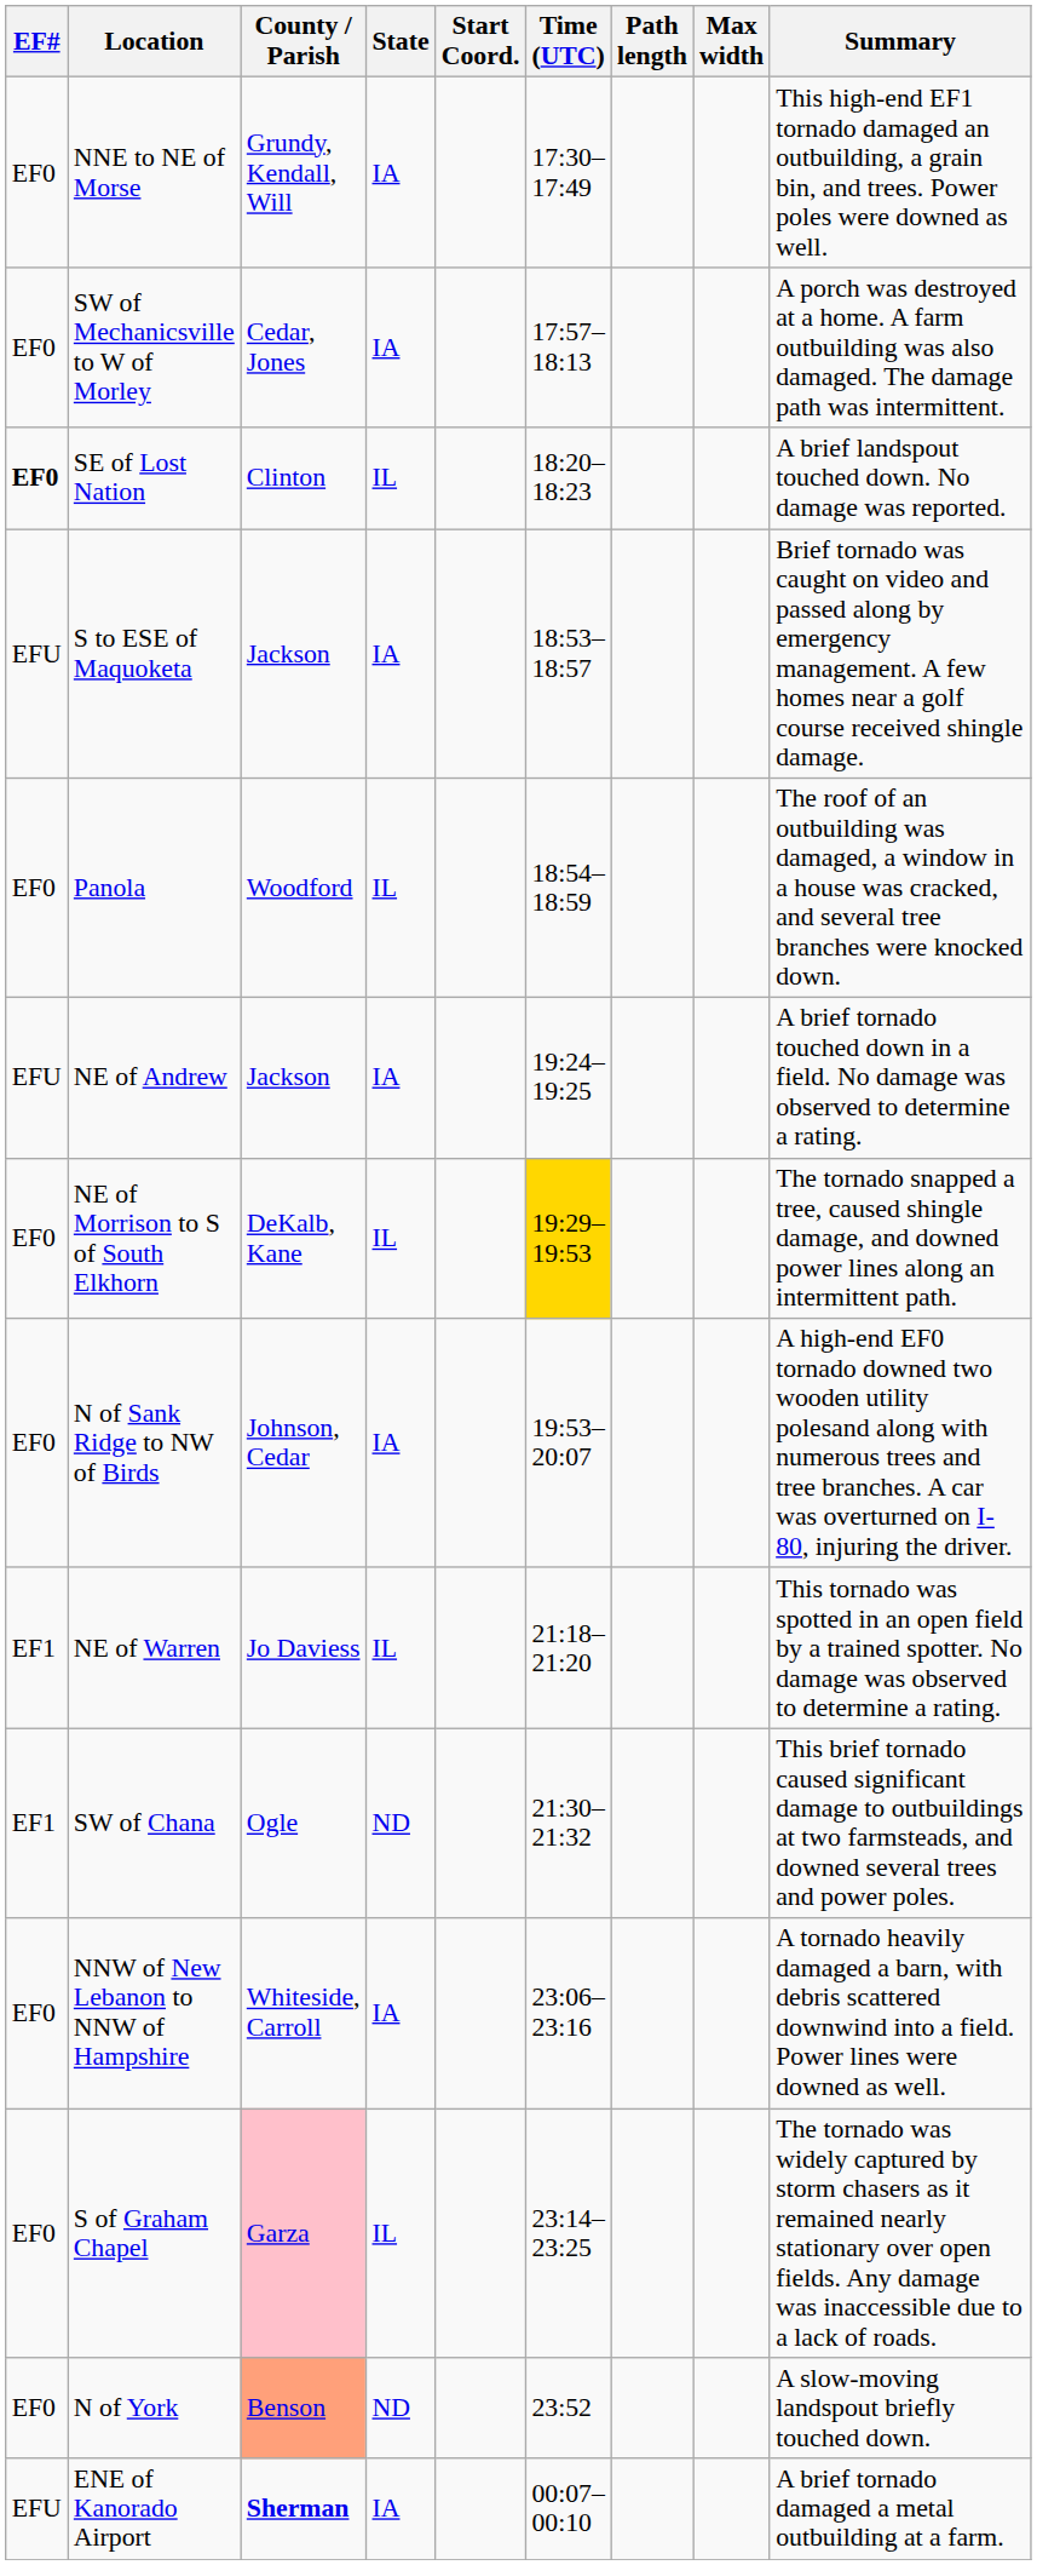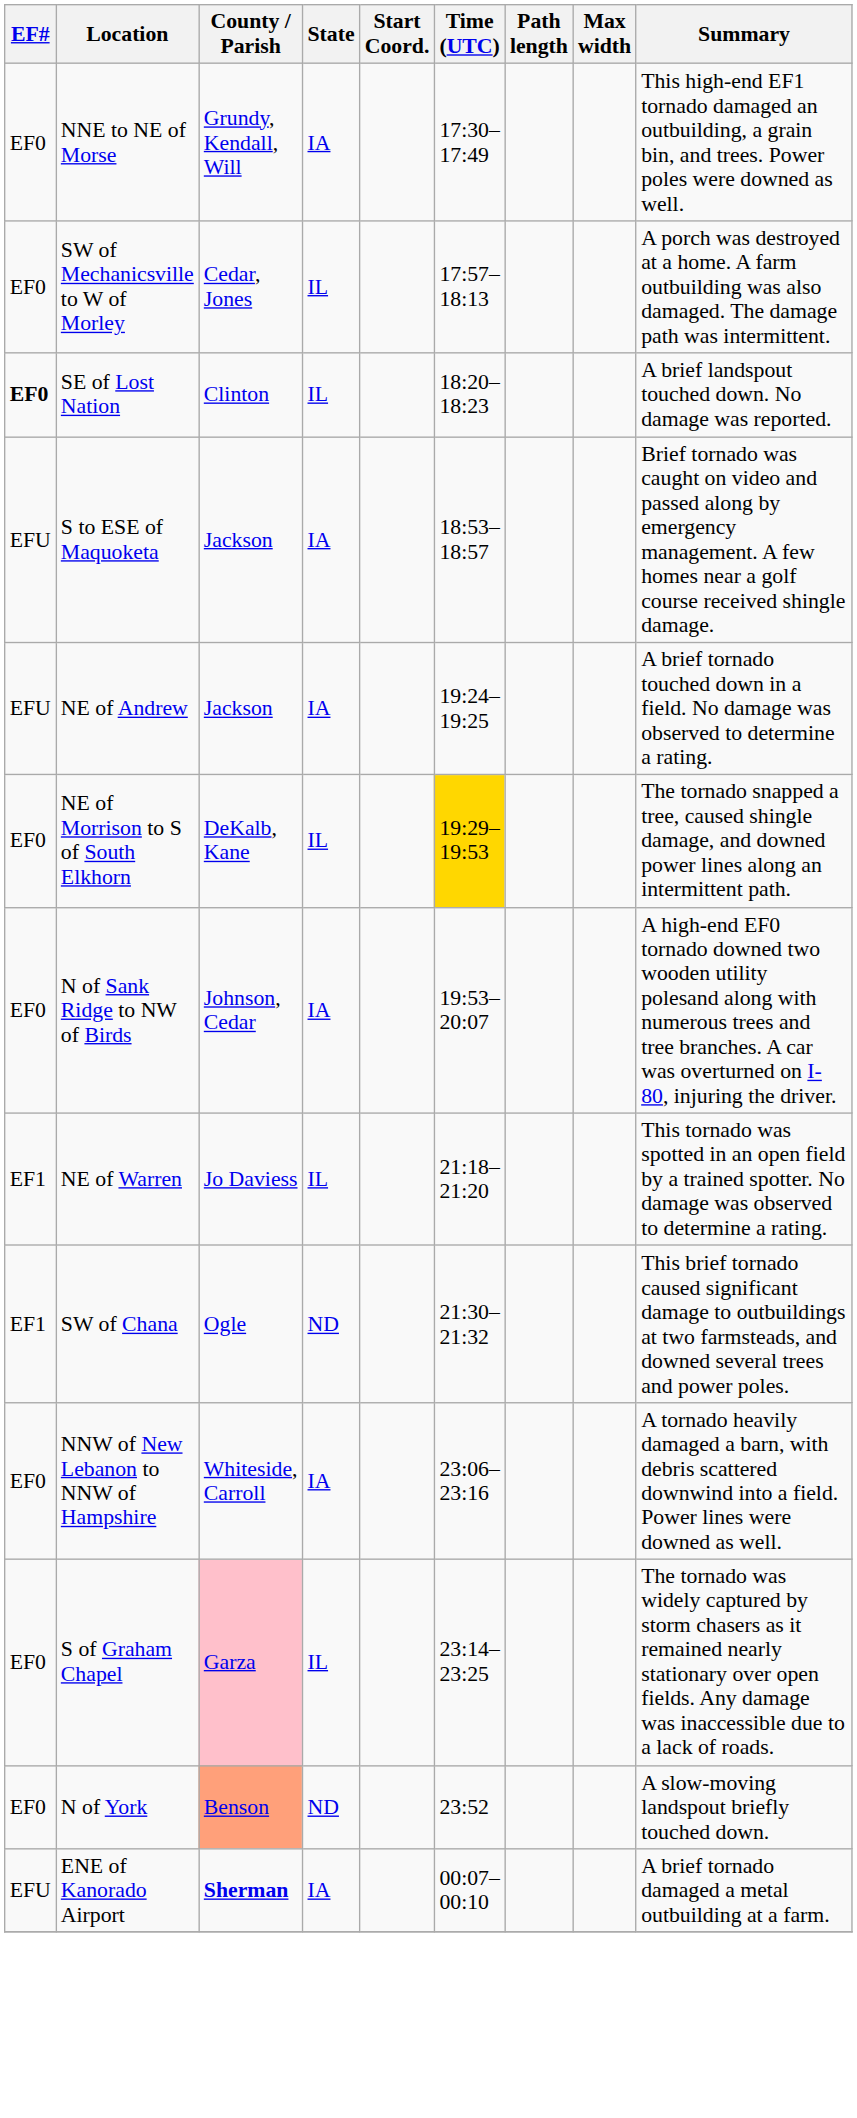 <table class="wikitable sortable" style="width:100%;">
 <tr>
 <th scope="col"  style="width:3%; text-align:center;"><a href='#'>EF#</a></th>
 <th scope="col"  style="width:7%; text-align:center;" class="unsortable">Location</th>
 <th scope="col"  style="width:6%; text-align:center;" class="unsortable">County / Parish</th>
 <th scope="col"  style="width:5%; text-align:center;">State</th>
 <th scope="col"  style="width:6%; text-align:center;">Start Coord.</th>
 <th scope="col"  style="width:6%; text-align:center;">Time (<a href='#'>UTC</a>)</th>
 <th scope="col"  style="width:6%; text-align:center;">Path length</th>
 <th scope="col"  style="width:6%; text-align:center;">Max width</th>
 <th scope="col" class="unsortable" style="width:48%; text-align:center;">Summary</th>
 </tr>
 <tr>
 <td>EF0</td>
 <td>NNE to NE of <a href='#'>Morse</a></td>
 <td><a href='#'>Grundy</a>, <a href='#'>Kendall</a>, <a href='#'>Will</a></td>
 <td><a href='#'>IA</a></td>
 <td></td>
 <td>17:30–17:49</td>
 <td></td>
 <td></td>
 <td>This high-end EF1 tornado damaged an outbuilding, a grain bin, and trees. Power poles were downed as well.</td>
 </tr>
 <tr>
 <td>EF0</td>
 <td>SW of <a href='#'>Mechanicsville</a> to W of <a href='#'>Morley</a></td>
 <td><a href='#'>Cedar</a>, <a href='#'>Jones</a></td>
-<td><a href='#'>IA</a></td>
+<td><a href='#'>IL</a></td>
 <td></td>
 <td>17:57–18:13</td>
 <td></td>
 <td></td>
 <td>A porch was destroyed at a home. A farm outbuilding was also damaged. The damage path was intermittent.</td>
 </tr>
 <tr>
 <td><strong>EF0</strong></td>
 <td>SE of <a href='#'>Lost Nation</a></td>
 <td><a href='#'>Clinton</a></td>
 <td><a href='#'>IL</a></td>
 <td></td>
 <td>18:20–18:23</td>
 <td></td>
 <td></td>
 <td>A brief landspout touched down. No damage was reported.</td>
 </tr>
 <tr>
 <td>EFU</td>
 <td>S to ESE of <a href='#'>Maquoketa</a></td>
 <td><a href='#'>Jackson</a></td>
 <td><a href='#'>IA</a></td>
 <td></td>
 <td>18:53–18:57</td>
 <td></td>
 <td></td>
 <td>Brief tornado was caught on video and passed along by emergency management. A few homes near a golf course received shingle damage.</td>
-</tr>
-<tr>
-<td>EF0</td>
-<td><a href='#'>Panola</a></td>
-<td><a href='#'>Woodford</a></td>
-<td><a href='#'>IL</a></td>
-<td></td>
-<td>18:54–18:59</td>
-<td></td>
-<td></td>
-<td>The roof of an outbuilding was damaged, a window in a house was cracked, and several tree branches were knocked down.</td>
 </tr>
 <tr>
 <td>EFU</td>
 <td>NE of <a href='#'>Andrew</a></td>
 <td><a href='#'>Jackson</a></td>
 <td><a href='#'>IA</a></td>
 <td></td>
 <td>19:24–19:25</td>
 <td></td>
 <td></td>
 <td>A brief tornado touched down in a field. No damage was observed to determine a rating.</td>
 </tr>
 <tr>
 <td>EF0</td>
 <td>NE of <a href='#'>Morrison</a> to S of <a href='#'>South Elkhorn</a></td>
 <td><a href='#'>DeKalb</a>, <a href='#'>Kane</a></td>
 <td><a href='#'>IL</a></td>
 <td></td>
 <td style="background: gold;">19:29–19:53</td>
 <td></td>
 <td></td>
 <td>The tornado snapped a tree, caused shingle damage, and downed power lines along an intermittent path.</td>
 </tr>
 <tr>
 <td>EF0</td>
 <td>N of <a href='#'>Sank Ridge</a> to NW of <a href='#'>Birds</a></td>
 <td><a href='#'>Johnson</a>, <a href='#'>Cedar</a></td>
 <td><a href='#'>IA</a></td>
 <td></td>
 <td>19:53–20:07</td>
 <td></td>
 <td></td>
 <td>A high-end EF0 tornado downed two wooden utility polesand along with numerous trees and tree branches. A car was overturned on <a href='#'>I-80</a>, injuring the driver.</td>
 </tr>
 <tr>
 <td>EF1</td>
 <td>NE of <a href='#'>Warren</a></td>
 <td><a href='#'>Jo Daviess</a></td>
 <td><a href='#'>IL</a></td>
 <td></td>
 <td>21:18–21:20</td>
 <td></td>
 <td></td>
 <td>This tornado was spotted in an open field by a trained spotter. No damage was observed to determine a rating.</td>
 </tr>
 <tr>
 <td>EF1</td>
 <td>SW of <a href='#'>Chana</a></td>
 <td><a href='#'>Ogle</a></td>
 <td><a href='#'>ND</a></td>
 <td></td>
 <td>21:30–21:32</td>
 <td></td>
 <td></td>
 <td>This brief tornado caused significant damage to outbuildings at two farmsteads, and downed several trees and power poles.</td>
 </tr>
 <tr>
 <td>EF0</td>
 <td>NNW of <a href='#'>New Lebanon</a> to NNW of <a href='#'>Hampshire</a></td>
 <td><a href='#'>Whiteside</a>, <a href='#'>Carroll</a></td>
 <td><a href='#'>IA</a></td>
 <td></td>
 <td>23:06–23:16</td>
 <td></td>
 <td></td>
 <td>A tornado heavily damaged a barn, with debris scattered downwind into a field. Power lines were downed as well.</td>
 </tr>
 <tr>
 <td>EF0</td>
 <td>S of <a href='#'>Graham Chapel</a></td>
 <td style="background: pink;"><a href='#'>Garza</a></td>
 <td><a href='#'>IL</a></td>
 <td></td>
 <td>23:14–23:25</td>
 <td></td>
 <td></td>
 <td>The tornado was widely captured by storm chasers as it remained nearly stationary over open fields. Any damage was inaccessible due to a lack of roads.</td>
 </tr>
 <tr>
 <td>EF0</td>
 <td>N of <a href='#'>York</a></td>
 <td style="background: lightsalmon;"><a href='#'>Benson</a></td>
 <td><a href='#'>ND</a></td>
 <td></td>
 <td>23:52</td>
 <td></td>
 <td></td>
 <td>A slow-moving landspout briefly touched down.</td>
 </tr>
 <tr>
 <td>EFU</td>
 <td>ENE of <a href='#'>Kanorado</a> Airport</td>
 <td><strong><a href='#'>Sherman</a></strong></td>
 <td><a href='#'>IA</a></td>
 <td></td>
 <td>00:07–00:10</td>
 <td></td>
 <td></td>
 <td>A brief tornado damaged a metal outbuilding at a farm.</td>
 </tr>
 <tr>
 </tr>
 </table>
